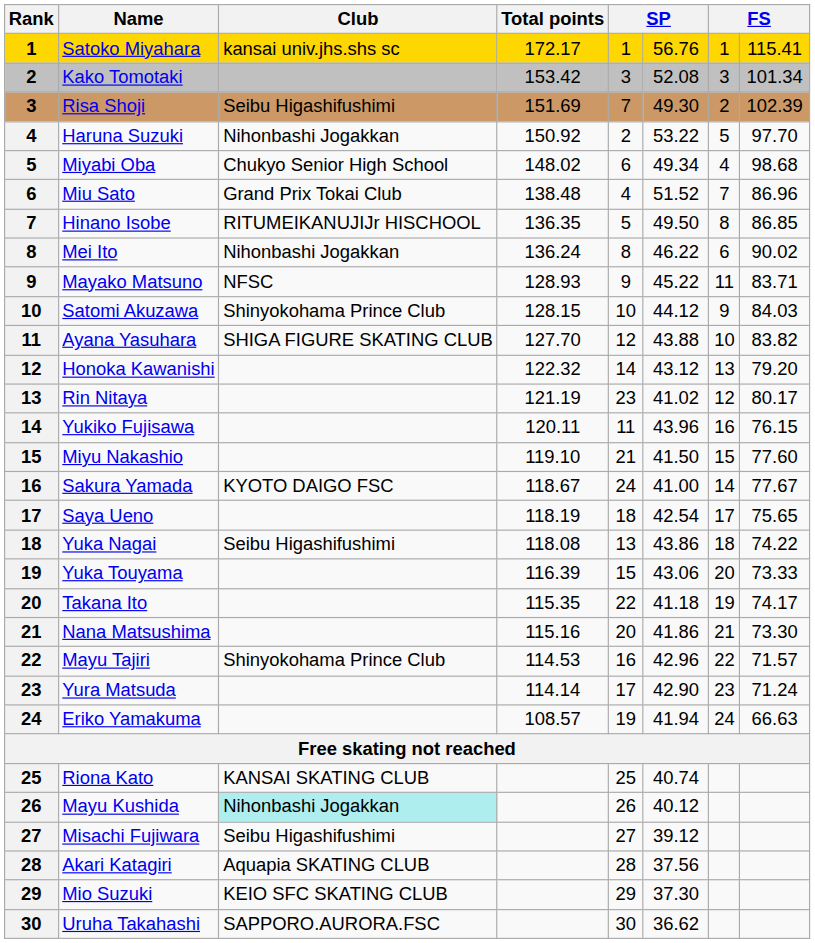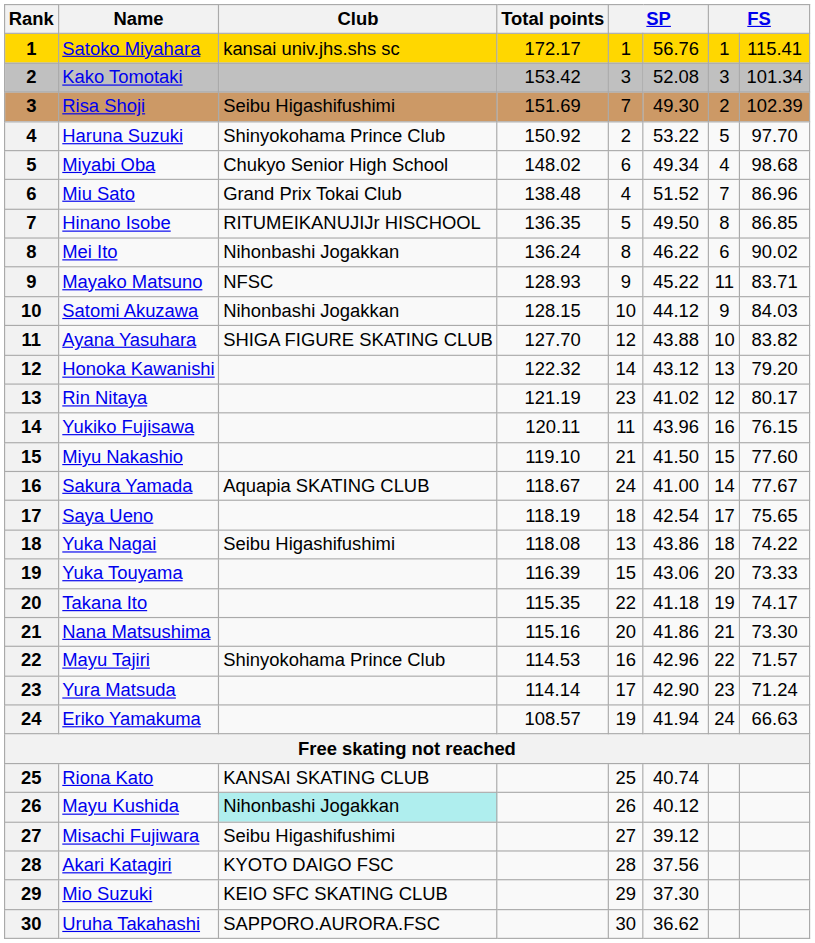 <table class="wikitable sortable">
 <tr>
 <th>Rank</th>
 <th>Name</th>
 <th>Club</th>
 <th>Total points</th>
 <th colspan="2" width="80px"><a href='#'>SP</a></th>
 <th colspan="2" width="80px"><a href='#'>FS</a></th>
 </tr>
 <tr bgcolor="gold">
 <td align="center"><strong>1</strong></td>
 <td><a href='#'>Satoko Miyahara</a></td>
 <td>kansai univ.jhs.shs sc</td>
 <td align="center">172.17</td>
 <td align="center">1</td>
 <td align="center">56.76</td>
 <td align="center">1</td>
 <td align="center">115.41</td>
 </tr>
 <tr bgcolor="silver">
 <td align="center"><strong>2</strong></td>
 <td><a href='#'>Kako Tomotaki</a></td>
 <td></td>
 <td align="center">153.42</td>
 <td align="center">3</td>
 <td align="center">52.08</td>
 <td align="center">3</td>
 <td align="center">101.34</td>
 </tr>
 <tr bgcolor="cc9966">
 <td align="center"><strong>3</strong></td>
 <td><a href='#'>Risa Shoji</a></td>
 <td>Seibu Higashifushimi</td>
 <td align="center">151.69</td>
 <td align="center">7</td>
 <td align="center">49.30</td>
 <td align="center">2</td>
 <td align="center">102.39</td>
 </tr>
 <tr>
 <th>4</th>
 <td><a href='#'>Haruna Suzuki</a></td>
-<td>Nihonbashi Jogakkan</td>
+<td>Shinyokohama Prince Club</td>
 <td align="center">150.92</td>
 <td align="center">2</td>
 <td align="center">53.22</td>
 <td align="center">5</td>
 <td align="center">97.70</td>
 </tr>
 <tr>
 <th>5</th>
 <td><a href='#'>Miyabi Oba</a></td>
 <td>Chukyo Senior High School</td>
 <td align="center">148.02</td>
 <td align="center">6</td>
 <td align="center">49.34</td>
 <td align="center">4</td>
 <td align="center">98.68</td>
 </tr>
 <tr>
 <th>6</th>
 <td><a href='#'>Miu Sato</a></td>
 <td>Grand Prix Tokai Club</td>
 <td align="center">138.48</td>
 <td align="center">4</td>
 <td align="center">51.52</td>
 <td align="center">7</td>
 <td align="center">86.96</td>
 </tr>
 <tr>
 <th>7</th>
 <td><a href='#'>Hinano Isobe</a></td>
 <td>RITUMEIKANUJIJr HISCHOOL</td>
 <td align="center">136.35</td>
 <td align="center">5</td>
 <td align="center">49.50</td>
 <td align="center">8</td>
 <td align="center">86.85</td>
 </tr>
 <tr>
 <th>8</th>
 <td><a href='#'>Mei Ito</a></td>
 <td>Nihonbashi Jogakkan</td>
 <td align="center">136.24</td>
 <td align="center">8</td>
 <td align="center">46.22</td>
 <td align="center">6</td>
 <td align="center">90.02</td>
 </tr>
 <tr>
 <th>9</th>
 <td><a href='#'>Mayako Matsuno</a></td>
 <td>NFSC</td>
 <td align="center">128.93</td>
 <td align="center">9</td>
 <td align="center">45.22</td>
 <td align="center">11</td>
 <td align="center">83.71</td>
 </tr>
 <tr>
 <th>10</th>
 <td><a href='#'>Satomi Akuzawa</a></td>
-<td>Shinyokohama Prince Club</td>
+<td>Nihonbashi Jogakkan</td>
 <td align="center">128.15</td>
 <td align="center">10</td>
 <td align="center">44.12</td>
 <td align="center">9</td>
 <td align="center">84.03</td>
 </tr>
 <tr>
 <th>11</th>
 <td><a href='#'>Ayana Yasuhara</a></td>
 <td>SHIGA FIGURE SKATING CLUB</td>
 <td align="center">127.70</td>
 <td align="center">12</td>
 <td align="center">43.88</td>
 <td align="center">10</td>
 <td align="center">83.82</td>
 </tr>
 <tr>
 <th>12</th>
 <td><a href='#'>Honoka Kawanishi</a></td>
 <td></td>
 <td align="center">122.32</td>
 <td align="center">14</td>
 <td align="center">43.12</td>
 <td align="center">13</td>
 <td align="center">79.20</td>
 </tr>
 <tr>
 <th>13</th>
 <td><a href='#'>Rin Nitaya</a></td>
 <td></td>
 <td align="center">121.19</td>
 <td align="center">23</td>
 <td align="center">41.02</td>
 <td align="center">12</td>
 <td align="center">80.17</td>
 </tr>
 <tr>
 <th>14</th>
 <td><a href='#'>Yukiko Fujisawa</a></td>
 <td></td>
 <td align="center">120.11</td>
 <td align="center">11</td>
 <td align="center">43.96</td>
 <td align="center">16</td>
 <td align="center">76.15</td>
 </tr>
 <tr>
 <th>15</th>
 <td><a href='#'>Miyu Nakashio</a></td>
 <td></td>
 <td align="center">119.10</td>
 <td align="center">21</td>
 <td align="center">41.50</td>
 <td align="center">15</td>
 <td align="center">77.60</td>
 </tr>
 <tr>
 <th>16</th>
 <td><a href='#'>Sakura Yamada</a></td>
-<td>KYOTO DAIGO FSC</td>
+<td>Aquapia SKATING CLUB</td>
 <td align="center">118.67</td>
 <td align="center">24</td>
 <td align="center">41.00</td>
 <td align="center">14</td>
 <td align="center">77.67</td>
 </tr>
 <tr>
 <th>17</th>
 <td><a href='#'>Saya Ueno</a></td>
 <td></td>
 <td align="center">118.19</td>
 <td align="center">18</td>
 <td align="center">42.54</td>
 <td align="center">17</td>
 <td align="center">75.65</td>
 </tr>
 <tr>
 <th>18</th>
 <td><a href='#'>Yuka Nagai</a></td>
 <td>Seibu Higashifushimi</td>
 <td align="center">118.08</td>
 <td align="center">13</td>
 <td align="center">43.86</td>
 <td align="center">18</td>
 <td align="center">74.22</td>
 </tr>
 <tr>
 <th>19</th>
 <td><a href='#'>Yuka Touyama</a></td>
 <td></td>
 <td align="center">116.39</td>
 <td align="center">15</td>
 <td align="center">43.06</td>
 <td align="center">20</td>
 <td align="center">73.33</td>
 </tr>
 <tr>
 <th>20</th>
 <td><a href='#'>Takana Ito</a></td>
 <td></td>
 <td align="center">115.35</td>
 <td align="center">22</td>
 <td align="center">41.18</td>
 <td align="center">19</td>
 <td align="center">74.17</td>
 </tr>
 <tr>
 <th>21</th>
 <td><a href='#'>Nana Matsushima</a></td>
 <td></td>
 <td align="center">115.16</td>
 <td align="center">20</td>
 <td align="center">41.86</td>
 <td align="center">21</td>
 <td align="center">73.30</td>
 </tr>
 <tr>
 <th>22</th>
 <td><a href='#'>Mayu Tajiri</a></td>
 <td>Shinyokohama Prince Club</td>
 <td align="center">114.53</td>
 <td align="center">16</td>
 <td align="center">42.96</td>
 <td align="center">22</td>
 <td align="center">71.57</td>
 </tr>
 <tr>
 <th>23</th>
 <td><a href='#'>Yura Matsuda</a></td>
 <td></td>
 <td align="center">114.14</td>
 <td align="center">17</td>
 <td align="center">42.90</td>
 <td align="center">23</td>
 <td align="center">71.24</td>
 </tr>
 <tr>
 <th>24</th>
 <td><a href='#'>Eriko Yamakuma</a></td>
 <td></td>
 <td align="center">108.57</td>
 <td align="center">19</td>
 <td align="center">41.94</td>
 <td align="center">24</td>
 <td align="center">66.63</td>
 </tr>
 <tr>
 <th colspan=8>Free skating not reached</th>
 </tr>
 <tr>
 <th>25</th>
 <td><a href='#'>Riona Kato</a></td>
 <td>KANSAI SKATING CLUB</td>
 <td></td>
 <td align="center">25</td>
 <td align="center">40.74</td>
 <td></td>
 <td></td>
 </tr>
 <tr>
 <th>26</th>
 <td><a href='#'>Mayu Kushida</a></td>
 <td style="background: paleturquoise;">Nihonbashi Jogakkan</td>
 <td></td>
 <td align="center">26</td>
 <td align="center">40.12</td>
 <td></td>
 <td></td>
 </tr>
 <tr>
 <th>27</th>
 <td><a href='#'>Misachi Fujiwara</a></td>
 <td>Seibu Higashifushimi</td>
 <td align="center"></td>
 <td align="center">27</td>
 <td align="center">39.12</td>
 <td align="center"></td>
 <td align="center"></td>
 </tr>
 <tr>
 <th>28</th>
 <td><a href='#'>Akari Katagiri</a></td>
-<td>Aquapia SKATING CLUB</td>
+<td>KYOTO DAIGO FSC</td>
 <td></td>
 <td align="center">28</td>
 <td align="center">37.56</td>
 <td></td>
 <td></td>
 </tr>
 <tr>
 <th>29</th>
 <td><a href='#'>Mio Suzuki</a></td>
 <td>KEIO SFC SKATING CLUB</td>
 <td></td>
 <td align="center">29</td>
 <td align="center">37.30</td>
 <td></td>
 <td></td>
 </tr>
 <tr>
 <th>30</th>
 <td><a href='#'>Uruha Takahashi</a></td>
 <td>SAPPORO.AURORA.FSC</td>
 <td></td>
 <td align="center">30</td>
 <td align="center">36.62</td>
 <td></td>
 <td></td>
 </tr>
 </table>
